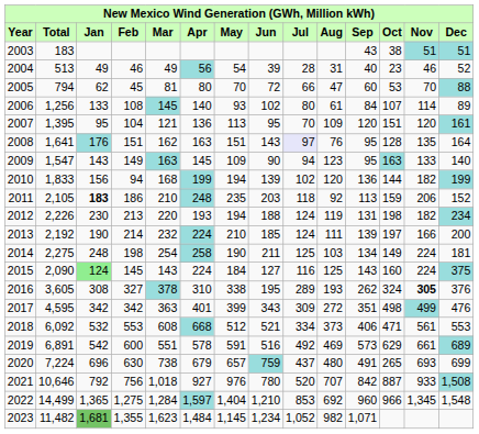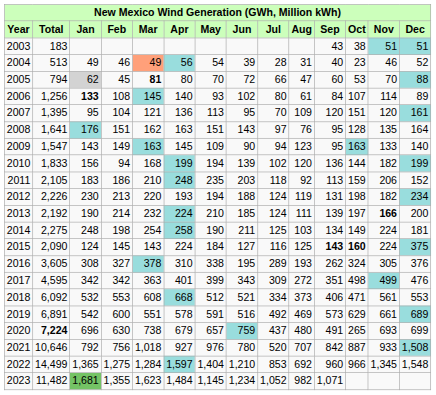 <table class="wikitable" style="text-align:right;">
 <tr>
 <th colspan="14" style="background:#cfb;">New Mexico Wind Generation (GWh, Million kWh)</th>
 </tr>
 <tr>
 <th style="background:#cfb;">Year</th>
 <th style="background:#cfb;">Total</th>
 <th style="background:#cfb;">Jan</th>
 <th style="background:#cfb;">Feb</th>
 <th style="background:#cfb;">Mar</th>
 <th style="background:#cfb;">Apr</th>
 <th style="background:#cfb;">May</th>
 <th style="background:#cfb;">Jun</th>
 <th style="background:#cfb;">Jul</th>
 <th style="background:#cfb;">Aug</th>
 <th style="background:#cfb;">Sep</th>
 <th style="background:#cfb;">Oct</th>
 <th style="background:#cfb;">Nov</th>
 <th style="background:#cfb;">Dec</th>
 </tr>
 <tr align=right>
 <td>2003</td>
 <td>183</td>
 <td></td>
 <td></td>
 <td></td>
 <td></td>
 <td></td>
 <td></td>
 <td></td>
 <td></td>
 <td>43</td>
 <td>38</td>
 <td style="background-color: #9dd;">51</td>
 <td style="background-color: #9dd;">51</td>
 </tr>
 <tr align=right>
 <td>2004</td>
 <td>513</td>
 <td>49</td>
 <td>46</td>
-<td>49</td>
+<td style="background: lightsalmon;">49</td>
 <td style="background-color: #9dd;">56</td>
 <td>54</td>
 <td>39</td>
 <td>28</td>
 <td>31</td>
 <td>40</td>
 <td>23</td>
 <td>46</td>
 <td>52</td>
 </tr>
 <tr align=right>
 <td>2005</td>
 <td>794</td>
-<td>62</td>
+<td style="background: lightgrey;">62</td>
 <td>45</td>
-<td>81</td>
+<td><strong>81</strong></td>
 <td>80</td>
 <td>70</td>
 <td>72</td>
 <td>66</td>
 <td>47</td>
 <td>60</td>
 <td>53</td>
 <td>70</td>
 <td style="background-color: #9dd;">88</td>
 </tr>
 <tr align=right>
 <td>2006</td>
 <td>1,256</td>
-<td>133</td>
+<td><strong>133</strong></td>
 <td>108</td>
 <td style="background-color: #9dd;">145</td>
 <td>140</td>
 <td>93</td>
 <td>102</td>
 <td>80</td>
 <td>61</td>
 <td>84</td>
 <td>107</td>
 <td>114</td>
 <td>89</td>
 </tr>
 <tr align=right>
 <td>2007</td>
 <td>1,395</td>
 <td>95</td>
 <td>104</td>
 <td>121</td>
 <td>136</td>
 <td>113</td>
 <td>95</td>
 <td>70</td>
 <td>109</td>
 <td>120</td>
 <td>151</td>
 <td>120</td>
 <td style="background-color: #9dd;">161</td>
 </tr>
 <tr align=right>
 <td>2008</td>
 <td>1,641</td>
 <td style="background-color: #9dd;">176</td>
 <td>151</td>
 <td>162</td>
 <td>163</td>
 <td>151</td>
 <td>143</td>
-<td style="background: lavender;">97</td>
+<td>97</td>
 <td>76</td>
 <td>95</td>
 <td>128</td>
 <td>135</td>
 <td>164</td>
 </tr>
 <tr align=right>
 <td>2009</td>
 <td>1,547</td>
 <td>143</td>
 <td>149</td>
 <td style="background-color: #9dd;">163</td>
 <td>145</td>
 <td>109</td>
 <td>90</td>
 <td>94</td>
 <td>123</td>
 <td>95</td>
 <td style="background-color: #9dd;">163</td>
 <td>133</td>
 <td>140</td>
 </tr>
 <tr align=right>
 <td>2010</td>
 <td>1,833</td>
 <td>156</td>
 <td>94</td>
 <td>168</td>
 <td style="background-color: #9dd;">199</td>
 <td>194</td>
 <td>139</td>
 <td>102</td>
 <td>120</td>
 <td>136</td>
 <td>144</td>
 <td>182</td>
 <td style="background-color: #9dd;">199</td>
 </tr>
 <tr align=right>
 <td>2011</td>
 <td>2,105</td>
-<td><strong>183</strong></td>
+<td>183</td>
 <td>186</td>
 <td>210</td>
 <td style="background-color: #9dd;">248</td>
 <td>235</td>
 <td>203</td>
 <td>118</td>
 <td>92</td>
 <td>113</td>
 <td>159</td>
 <td>206</td>
 <td>152</td>
 </tr>
 <tr align=right>
 <td>2012</td>
 <td>2,226</td>
 <td>230</td>
 <td>213</td>
 <td>220</td>
 <td>193</td>
 <td>194</td>
 <td>188</td>
 <td>124</td>
 <td>119</td>
 <td>131</td>
 <td>198</td>
 <td>182</td>
 <td style="background-color: #9dd;">234</td>
 </tr>
 <tr align=right>
 <td>2013</td>
 <td>2,192</td>
 <td>190</td>
 <td>214</td>
 <td>232</td>
 <td style="background-color: #9dd;">224</td>
 <td>210</td>
 <td>185</td>
 <td>124</td>
 <td>111</td>
 <td>139</td>
 <td>197</td>
-<td>166</td>
+<td><strong>166</strong></td>
 <td>200</td>
 </tr>
 <tr align=right>
 <td>2014</td>
 <td>2,275</td>
 <td>248</td>
 <td>198</td>
 <td>254</td>
 <td style="background-color: #9dd;">258</td>
 <td>190</td>
 <td>211</td>
 <td>125</td>
 <td>103</td>
 <td>134</td>
 <td>149</td>
 <td>224</td>
 <td>181</td>
 </tr>
 <tr align=right>
 <td>2015</td>
 <td>2,090</td>
-<td style="background: lightgreen;">124</td>
+<td>124</td>
 <td>145</td>
 <td>143</td>
 <td>224</td>
 <td>184</td>
 <td>127</td>
 <td>116</td>
 <td>125</td>
-<td>143</td>
-<td>160</td>
+<td><strong>143</strong></td>
+<td><strong>160</strong></td>
 <td>224</td>
 <td style="background-color: #9dd;">375</td>
 </tr>
 <tr align=right>
 <td>2016</td>
 <td>3,605</td>
 <td>308</td>
 <td>327</td>
 <td style="background-color: #9dd;">378</td>
 <td>310</td>
 <td>338</td>
 <td>195</td>
 <td>289</td>
 <td>193</td>
 <td>262</td>
 <td>324</td>
-<td><strong>305</strong></td>
+<td>305</td>
 <td>376</td>
 </tr>
 <tr align=right>
 <td>2017</td>
 <td>4,595</td>
 <td>342</td>
 <td>342</td>
 <td>363</td>
 <td>401</td>
 <td>399</td>
 <td>343</td>
 <td>309</td>
 <td>272</td>
 <td>351</td>
 <td>498</td>
 <td style="background-color: #9dd;">499</td>
 <td>476</td>
 </tr>
 <tr align=right>
 <td>2018</td>
 <td>6,092</td>
 <td>532</td>
 <td>553</td>
 <td>608</td>
 <td style="background-color: #9dd;">668</td>
 <td>512</td>
 <td>521</td>
 <td>334</td>
 <td>373</td>
 <td>406</td>
 <td>471</td>
 <td>561</td>
 <td>553</td>
 </tr>
 <tr align=right>
 <td>2019</td>
 <td>6,891</td>
 <td>542</td>
 <td>600</td>
 <td>551</td>
 <td>578</td>
 <td>591</td>
 <td>516</td>
 <td>492</td>
 <td>469</td>
 <td>573</td>
 <td>629</td>
 <td>661</td>
 <td style="background-color: #9dd;">689</td>
 </tr>
 <tr align=right>
 <td>2020</td>
-<td>7,224</td>
+<td><strong>7,224</strong></td>
 <td>696</td>
 <td>630</td>
 <td>738</td>
 <td>679</td>
 <td>657</td>
 <td style="background-color: #9dd;">759</td>
 <td>437</td>
 <td>480</td>
 <td>491</td>
 <td>265</td>
 <td>693</td>
 <td>699</td>
 </tr>
 <tr align=right>
 <td>2021</td>
 <td>10,646</td>
 <td>792</td>
 <td>756</td>
 <td>1,018</td>
 <td>927</td>
 <td>976</td>
 <td>780</td>
 <td>520</td>
 <td>707</td>
 <td>842</td>
 <td>887</td>
 <td>933</td>
 <td style="background-color: #9dd;">1,508</td>
 </tr>
 <tr align=right>
 <td>2022</td>
 <td>14,499</td>
 <td>1,365</td>
 <td>1,275</td>
 <td>1,284</td>
 <td style="background-color: #9dd;">1,597</td>
 <td>1,404</td>
 <td>1,210</td>
 <td>853</td>
 <td>692</td>
 <td>960</td>
 <td>966</td>
 <td>1,345</td>
 <td>1,548</td>
 </tr>
 <tr align=right>
 <td>2023</td>
 <td>11,482</td>
 <td style="background-color: #74C365">1,681</td>
 <td>1,355</td>
 <td>1,623</td>
 <td>1,484</td>
 <td>1,145</td>
 <td>1,234</td>
 <td>1,052</td>
 <td>982</td>
 <td>1,071</td>
 <td></td>
 <td></td>
 <td></td>
 </tr>
 </table>
